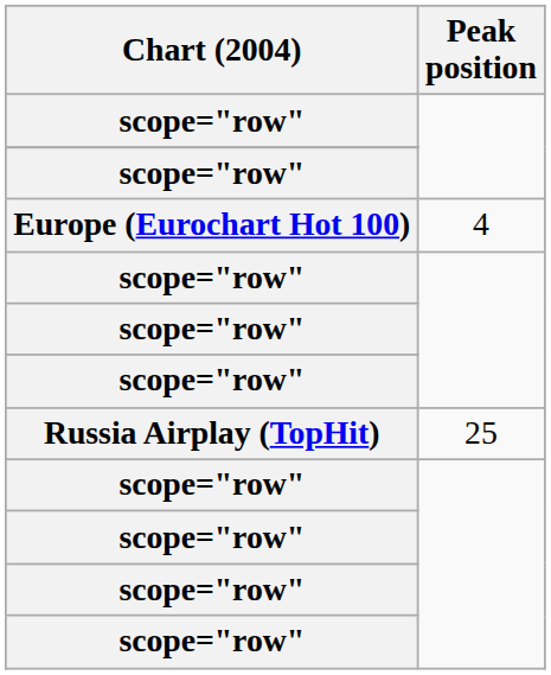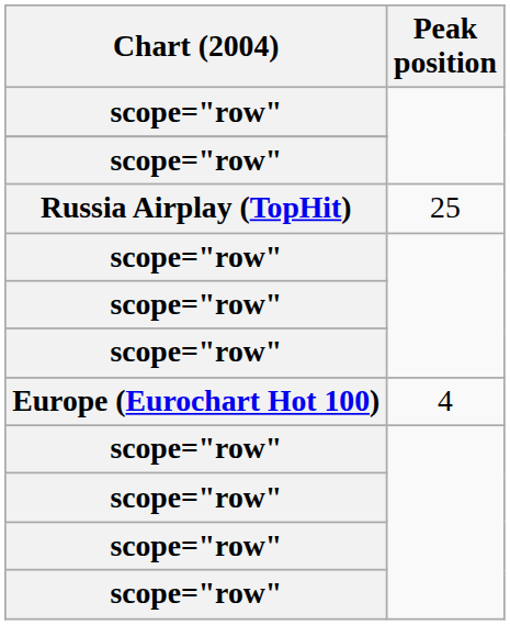 <table class="wikitable sortable plainrowheaders" style="text-align:center">
 <tr>
 <th scope="col">Chart (2004)</th>
 <th scope="col">Peak<br>position</th>
 </tr>
 <tr>
 <th>scope="row"</th>
 </tr>
 <tr>
+</tr>
+<tr>
+<th>scope="row"</th>
+</tr>
+<tr>
+<th scope="row">Russia Airplay (<a href='#'>TopHit</a>)</th>
+<td>25</td>
+</tr>
+<tr>
+<th>scope="row"</th>
+</tr>
+<tr>
+<th>scope="row"</th>
 </tr>
 <tr>
 <th>scope="row"</th>
 </tr>
 <tr>
 <th scope="row">Europe (<a href='#'>Eurochart Hot 100</a>)</th>
 <td>4</td>
 </tr>
 <tr>
 <th>scope="row"</th>
 </tr>
 <tr>
 <th>scope="row"</th>
 </tr>
 <tr>
 <th>scope="row"</th>
 </tr>
 <tr>
-<th scope="row">Russia Airplay (<a href='#'>TopHit</a>)</th>
-<td>25</td>
-</tr>
-<tr>
-<th>scope="row"</th>
-</tr>
-<tr>
-<th>scope="row"</th>
-</tr>
-<tr>
-<th>scope="row"</th>
-</tr>
-<tr>
 <th>scope="row"</th>
 </tr>
 </table>
